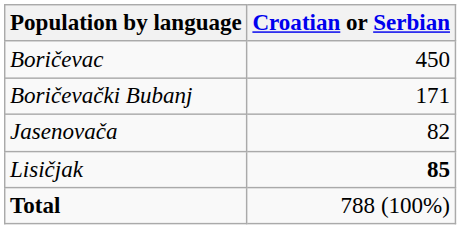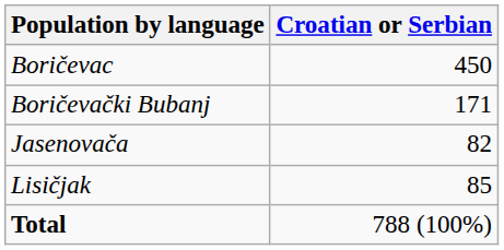 <table class="wikitable sortable">
 <tr>
 <th>Population by language</th>
 <th><a href='#'>Croatian</a> or <a href='#'>Serbian</a></th>
 </tr>
 <tr>
 <td><em>Boričevac</em></td>
 <td align="right">450</td>
 </tr>
 <tr>
 <td><em>Boričevački Bubanj</em></td>
 <td align="right">171</td>
 </tr>
 <tr>
 <td><em>Jasenovača</em></td>
 <td align="right">82</td>
 </tr>
 <tr>
 <td><em>Lisičjak</em></td>
-<td align="right"><strong>85</strong></td>
+<td align="right">85</td>
 </tr>
 <tr>
 <td><strong>Total</strong></td>
 <td align="right">788 (100%)</td>
 </tr>
 </table>
